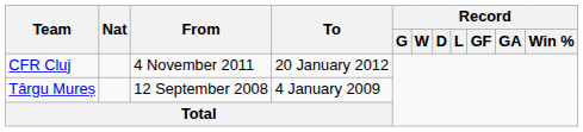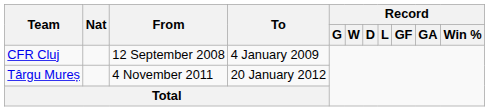 <table class="wikitable" style="text-align: center">
 <tr>
 <th rowspan=2>Team</th>
 <th rowspan=2>Nat</th>
 <th rowspan=2>From</th>
 <th rowspan=2>To</th>
 <th colspan=7>Record</th>
 </tr>
 <tr>
 <th>G</th>
 <th>W</th>
 <th>D</th>
 <th>L</th>
 <th>GF</th>
 <th>GA</th>
 <th>Win %</th>
 </tr>
 <tr>
 <td align=left><a href='#'>CFR Cluj</a></td>
 <td></td>
-<td align=left>4 November 2011</td>
-<td align=left>20 January 2012<br></td>
+<td align=left>12 September 2008</td>
+<td align=left>4 January 2009<br></td>
 </tr>
 <tr>
 <td align=left><a href='#'>Târgu Mureș</a></td>
 <td></td>
-<td align=left>12 September 2008</td>
-<td align=left>4 January 2009<br></td>
+<td align=left>4 November 2011</td>
+<td align=left>20 January 2012<br></td>
 </tr>
 <tr>
 <th colspan="4">Total<br></th>
 </tr>
 </table>
